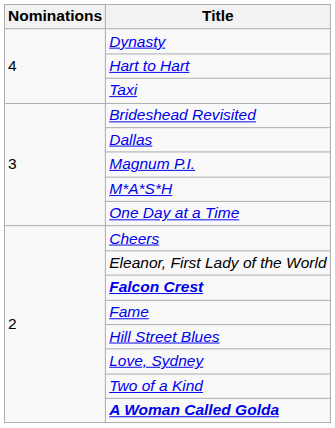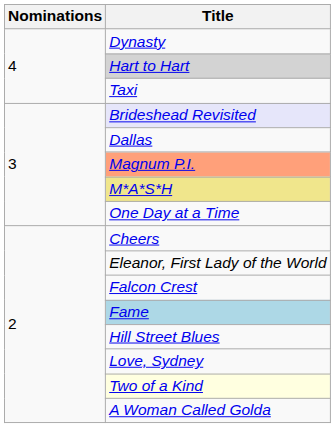 <table class="wikitable">
 <tr>
 <th>Nominations</th>
 <th>Title</th>
 </tr>
 <tr>
 <td rowspan="3">4</td>
 <td><em><a href='#'>Dynasty</a></em></td>
 </tr>
 <tr>
-<td><em><a href='#'>Hart to Hart</a></em></td>
+<td style="background: lightgrey;"><em><a href='#'>Hart to Hart</a></em></td>
 </tr>
 <tr>
 <td><em><a href='#'>Taxi</a></em></td>
 </tr>
 <tr>
 <td rowspan="5">3</td>
-<td><em><a href='#'>Brideshead Revisited</a></em></td>
+<td style="background: lavender;"><em><a href='#'>Brideshead Revisited</a></em></td>
 </tr>
 <tr>
 <td><em><a href='#'>Dallas</a></em></td>
 </tr>
 <tr>
-<td><em><a href='#'>Magnum P.I.</a></em></td>
+<td style="background: lightsalmon;"><em><a href='#'>Magnum P.I.</a></em></td>
 </tr>
 <tr>
-<td><em><a href='#'>M*A*S*H</a></em></td>
+<td style="background: khaki;"><em><a href='#'>M*A*S*H</a></em></td>
 </tr>
 <tr>
 <td><em><a href='#'>One Day at a Time</a></em></td>
 </tr>
 <tr>
 <td rowspan="8">2</td>
 <td><em><a href='#'>Cheers</a></em></td>
 </tr>
 <tr>
 <td><em>Eleanor, First Lady of the World</em></td>
 </tr>
 <tr>
-<td><strong><em><a href='#'>Falcon Crest</a></em></strong></td>
+<td><em><a href='#'>Falcon Crest</a></em></td>
 </tr>
 <tr>
-<td><em><a href='#'>Fame</a></em></td>
+<td style="background: lightblue;"><em><a href='#'>Fame</a></em></td>
 </tr>
 <tr>
 <td><em><a href='#'>Hill Street Blues</a></em></td>
 </tr>
 <tr>
 <td><em><a href='#'>Love, Sydney</a></em></td>
 </tr>
 <tr>
-<td><em><a href='#'>Two of a Kind</a></em></td>
+<td style="background: lightyellow;"><em><a href='#'>Two of a Kind</a></em></td>
 </tr>
 <tr>
-<td><strong><em><a href='#'>A Woman Called Golda</a></em></strong></td>
+<td><em><a href='#'>A Woman Called Golda</a></em></td>
 </tr>
 </table>
